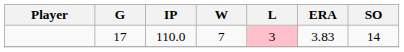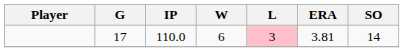 <table class="wikitable sortable">
 <tr>
 <th bgcolor="#DDDDFF" width="16%">Player</th>
 <th bgcolor="#DDDDFF" width="9%">G</th>
 <th bgcolor="#DDDDFF" width="9%">IP</th>
 <th bgcolor="#DDDDFF" width="9%">W</th>
 <th bgcolor="#DDDDFF" width="9%">L</th>
 <th bgcolor="#DDDDFF" width="9%">ERA</th>
 <th bgcolor="#DDDDFF" width="9%">SO</th>
 </tr>
 <tr align="center">
 <td></td>
 <td>17</td>
 <td>110.0</td>
-<td>7</td>
+<td>6</td>
 <td style="background: pink;">3</td>
-<td>3.83</td>
+<td>3.81</td>
 <td>14</td>
 </tr>
 <tr align="center">
 </tr>
 </table>
